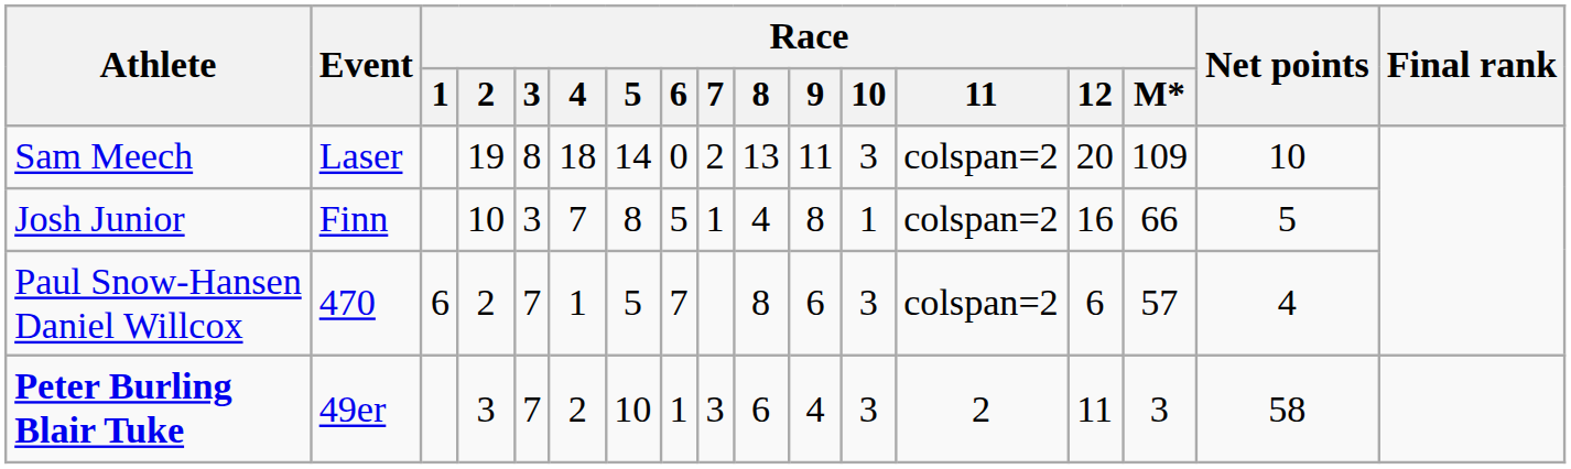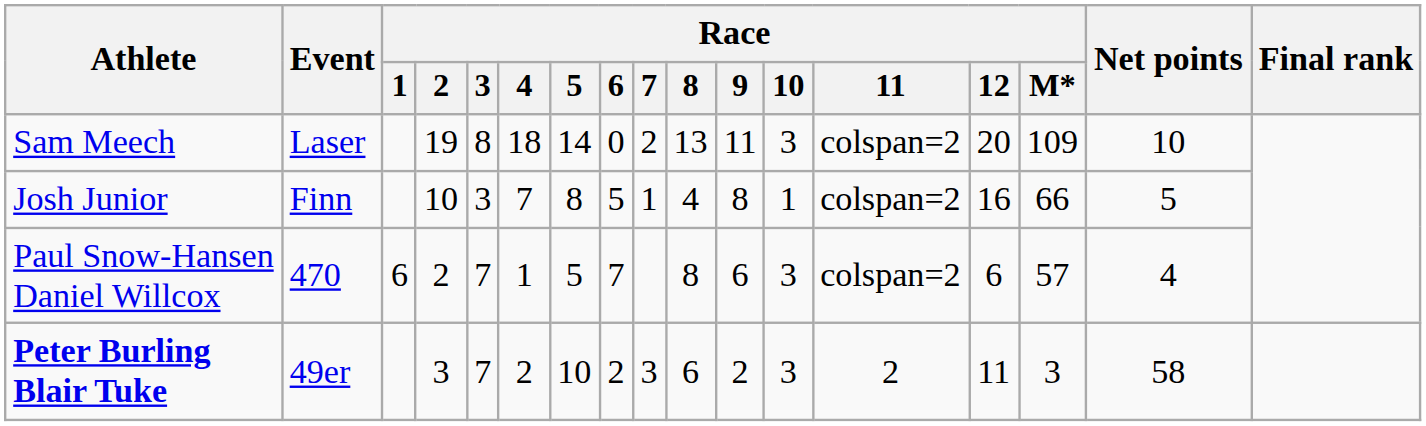 <table class=wikitable style=font-size:90%;text-align:center>
 <tr>
 <th rowspan="2">Athlete</th>
 <th rowspan="2">Event</th>
 <th colspan=13>Race</th>
 <th rowspan=2>Net points</th>
 <th rowspan=2>Final rank</th>
 </tr>
 <tr style="font-size:95%">
 <th>1</th>
 <th>2</th>
 <th>3</th>
 <th>4</th>
 <th>5</th>
 <th>6</th>
 <th>7</th>
 <th>8</th>
 <th>9</th>
 <th>10</th>
 <th>11</th>
 <th>12</th>
 <th>M*</th>
 </tr>
 <tr>
 <td align=left><a href='#'>Sam Meech</a></td>
 <td align=left><a href='#'>Laser</a></td>
 <td></td>
 <td>19</td>
 <td>8</td>
 <td>18</td>
 <td>14</td>
 <td>0</td>
 <td>2</td>
 <td>13</td>
 <td>11</td>
 <td>3</td>
 <td>colspan=2 </td>
 <td>20</td>
 <td>109</td>
 <td>10</td>
 </tr>
 <tr>
 <td align=left><a href='#'>Josh Junior</a></td>
 <td align=left><a href='#'>Finn</a></td>
 <td></td>
 <td>10</td>
 <td>3</td>
 <td>7</td>
 <td>8</td>
 <td>5</td>
 <td>1</td>
 <td>4</td>
 <td>8</td>
 <td>1</td>
 <td>colspan=2 </td>
 <td>16</td>
 <td>66</td>
 <td>5</td>
 </tr>
 <tr>
 <td align=left><a href='#'>Paul Snow-Hansen</a><br><a href='#'>Daniel Willcox</a></td>
 <td align=left><a href='#'>470</a></td>
 <td>6</td>
 <td>2</td>
 <td>7</td>
 <td>1</td>
 <td>5</td>
 <td>7</td>
 <td></td>
 <td>8</td>
 <td>6</td>
 <td>3</td>
 <td>colspan=2 </td>
 <td>6</td>
 <td>57</td>
 <td>4</td>
 </tr>
 <tr>
 <td align=left><strong><a href='#'>Peter Burling</a><br><a href='#'>Blair Tuke</a></strong></td>
 <td align=left><a href='#'>49er</a></td>
 <td></td>
 <td>3</td>
 <td>7</td>
 <td>2</td>
 <td>10</td>
-<td>1</td>
+<td>2</td>
 <td>3</td>
 <td>6</td>
-<td>4</td>
+<td>2</td>
 <td>3</td>
 <td>2</td>
 <td>11</td>
 <td>3</td>
 <td>58</td>
 <td></td>
 </tr>
 </table>
